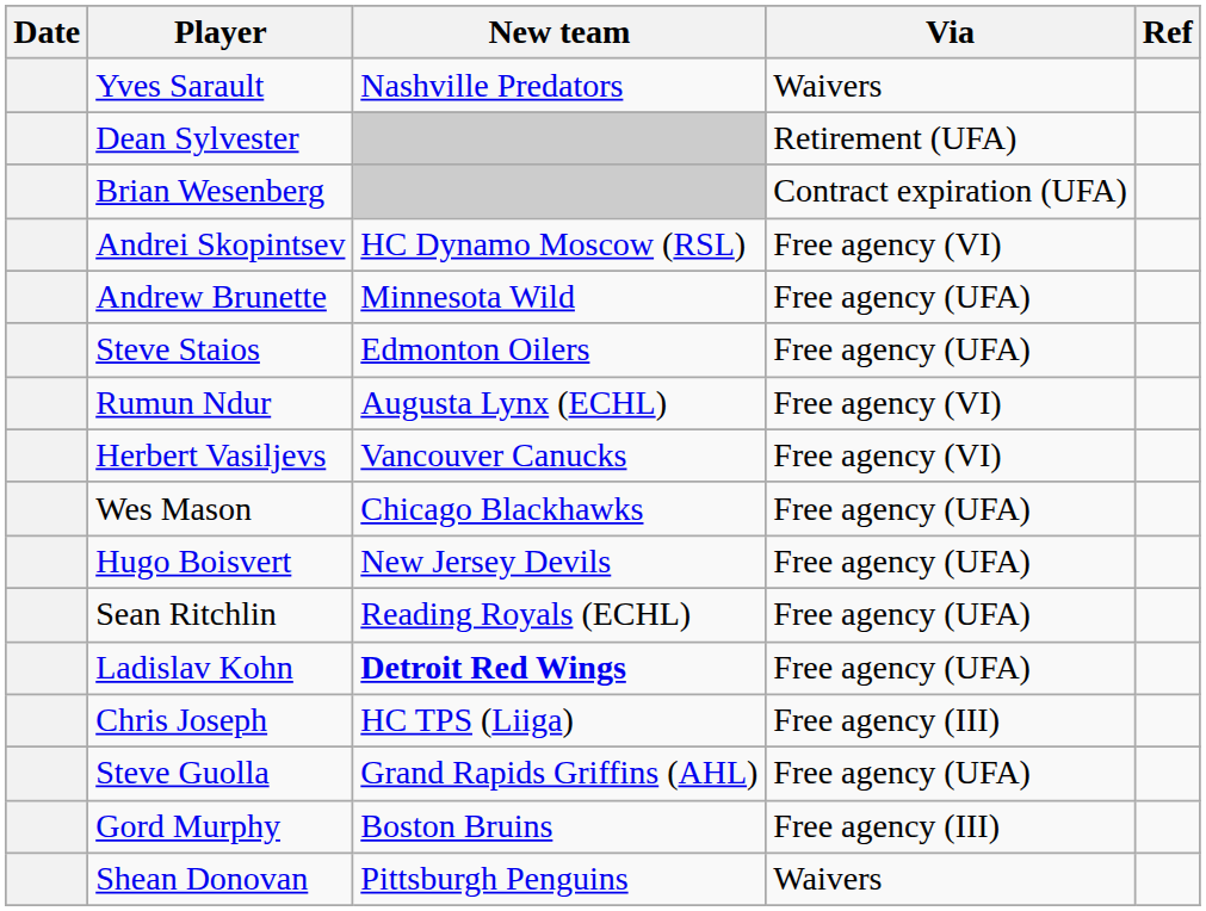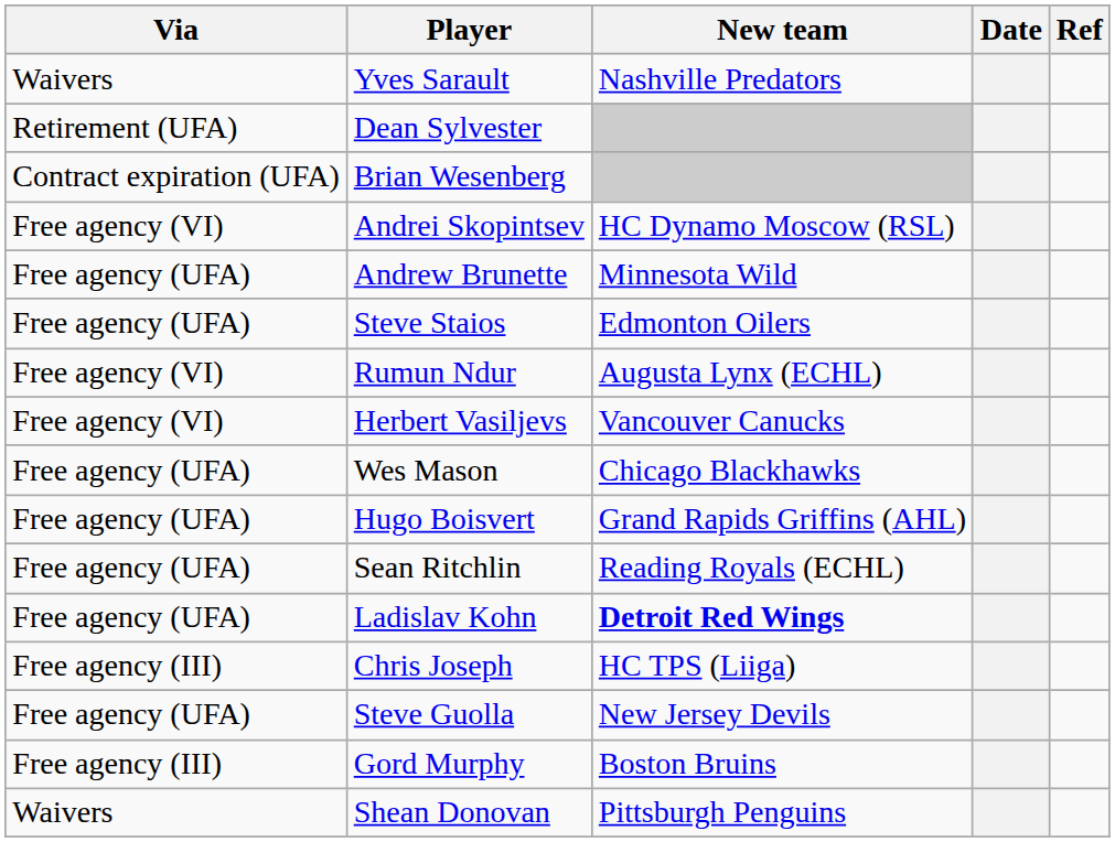 <table class="wikitable plainrowheaders">
 <tr style="background:#ddd; text-align:center;">
-<th>Date</th>
+<th>Via</th>
 <th>Player</th>
 <th>New team</th>
-<th>Via</th>
+<th>Date</th>
 <th>Ref</th>
 </tr>
 <tr>
-<th scope="row"></th>
+<td>Waivers</td>
 <td><a href='#'>Yves Sarault</a></td>
 <td><a href='#'>Nashville Predators</a></td>
-<td>Waivers</td>
+<th scope="row"></th>
 <td></td>
 </tr>
 <tr>
-<th scope="row"></th>
+<td>Retirement (UFA)</td>
 <td><a href='#'>Dean Sylvester</a></td>
 <td style="background:#ccc"></td>
-<td>Retirement (UFA)</td>
+<th scope="row"></th>
 <td></td>
 </tr>
 <tr>
-<th scope="row"></th>
+<td>Contract expiration (UFA)</td>
 <td><a href='#'>Brian Wesenberg</a></td>
 <td style="background:#ccc"></td>
-<td>Contract expiration (UFA)</td>
+<th scope="row"></th>
 <td></td>
 </tr>
 <tr>
-<th scope="row"></th>
+<td>Free agency (VI)</td>
 <td><a href='#'>Andrei Skopintsev</a></td>
 <td><a href='#'>HC Dynamo Moscow</a> (<a href='#'>RSL</a>)</td>
-<td>Free agency (VI)</td>
+<th scope="row"></th>
 <td></td>
 </tr>
 <tr>
-<th scope="row"></th>
+<td>Free agency (UFA)</td>
 <td><a href='#'>Andrew Brunette</a></td>
 <td><a href='#'>Minnesota Wild</a></td>
-<td>Free agency (UFA)</td>
+<th scope="row"></th>
 <td></td>
 </tr>
 <tr>
-<th scope="row"></th>
+<td>Free agency (UFA)</td>
 <td><a href='#'>Steve Staios</a></td>
 <td><a href='#'>Edmonton Oilers</a></td>
-<td>Free agency (UFA)</td>
+<th scope="row"></th>
 <td></td>
 </tr>
 <tr>
-<th scope="row"></th>
+<td>Free agency (VI)</td>
 <td><a href='#'>Rumun Ndur</a></td>
 <td><a href='#'>Augusta Lynx</a> (<a href='#'>ECHL</a>)</td>
-<td>Free agency (VI)</td>
+<th scope="row"></th>
 <td></td>
 </tr>
 <tr>
-<th scope="row"></th>
+<td>Free agency (VI)</td>
 <td><a href='#'>Herbert Vasiljevs</a></td>
 <td><a href='#'>Vancouver Canucks</a></td>
-<td>Free agency (VI)</td>
+<th scope="row"></th>
 <td></td>
 </tr>
 <tr>
-<th scope="row"></th>
+<td>Free agency (UFA)</td>
 <td>Wes Mason</td>
 <td><a href='#'>Chicago Blackhawks</a></td>
-<td>Free agency (UFA)</td>
+<th scope="row"></th>
 <td></td>
 </tr>
 <tr>
+<td>Free agency (UFA)</td>
+<td><a href='#'>Hugo Boisvert</a></td>
+<td><a href='#'>Grand Rapids Griffins</a> (<a href='#'>AHL</a>)</td>
 <th scope="row"></th>
-<td><a href='#'>Hugo Boisvert</a></td>
-<td><a href='#'>New Jersey Devils</a></td>
-<td>Free agency (UFA)</td>
 <td></td>
 </tr>
 <tr>
-<th scope="row"></th>
+<td>Free agency (UFA)</td>
 <td>Sean Ritchlin</td>
 <td><a href='#'>Reading Royals</a> (ECHL)</td>
-<td>Free agency (UFA)</td>
+<th scope="row"></th>
 <td></td>
 </tr>
 <tr>
-<th scope="row"></th>
+<td>Free agency (UFA)</td>
 <td><a href='#'>Ladislav Kohn</a></td>
 <td><strong><a href='#'>Detroit Red Wings</a></strong></td>
-<td>Free agency (UFA)</td>
+<th scope="row"></th>
 <td></td>
 </tr>
 <tr>
-<th scope="row"></th>
+<td>Free agency (III)</td>
 <td><a href='#'>Chris Joseph</a></td>
 <td><a href='#'>HC TPS</a> (<a href='#'>Liiga</a>)</td>
-<td>Free agency (III)</td>
+<th scope="row"></th>
 <td></td>
 </tr>
 <tr>
+<td>Free agency (UFA)</td>
+<td><a href='#'>Steve Guolla</a></td>
+<td><a href='#'>New Jersey Devils</a></td>
 <th scope="row"></th>
-<td><a href='#'>Steve Guolla</a></td>
-<td><a href='#'>Grand Rapids Griffins</a> (<a href='#'>AHL</a>)</td>
-<td>Free agency (UFA)</td>
 <td></td>
 </tr>
 <tr>
-<th scope="row"></th>
+<td>Free agency (III)</td>
 <td><a href='#'>Gord Murphy</a></td>
 <td><a href='#'>Boston Bruins</a></td>
-<td>Free agency (III)</td>
+<th scope="row"></th>
 <td></td>
 </tr>
 <tr>
-<th scope="row"></th>
+<td>Waivers</td>
 <td><a href='#'>Shean Donovan</a></td>
 <td><a href='#'>Pittsburgh Penguins</a></td>
-<td>Waivers</td>
+<th scope="row"></th>
 <td></td>
 </tr>
 </table>
